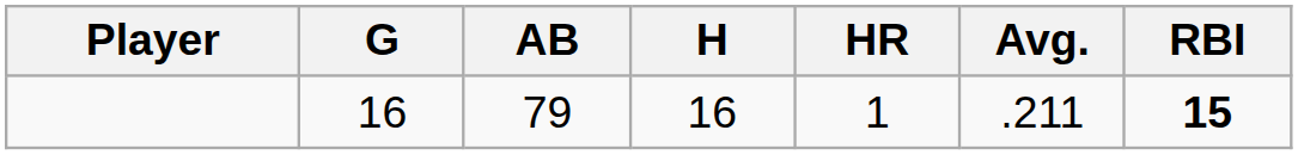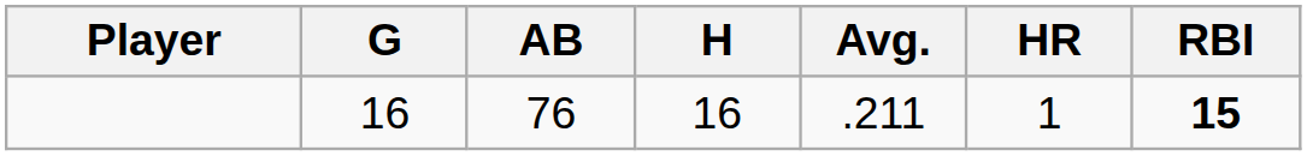 <table class="wikitable sortable">
 <tr>
 <th bgcolor="#DDDDFF" width="16%">Player</th>
 <th bgcolor="#DDDDFF" width="9%">G</th>
 <th bgcolor="#DDDDFF" width="9%">AB</th>
 <th bgcolor="#DDDDFF" width="9%">H</th>
+<th bgcolor="#DDDDFF" width="9%">Avg.</th>
 <th bgcolor="#DDDDFF" width="9%">HR</th>
-<th bgcolor="#DDDDFF" width="9%">Avg.</th>
 <th bgcolor="#DDDDFF" width="9%">RBI</th>
 </tr>
 <tr align="center">
 <td></td>
 <td>16</td>
-<td>79</td>
+<td>76</td>
 <td>16</td>
+<td>.211</td>
 <td>1</td>
-<td>.211</td>
 <td><strong>15</strong></td>
 </tr>
 </table>
